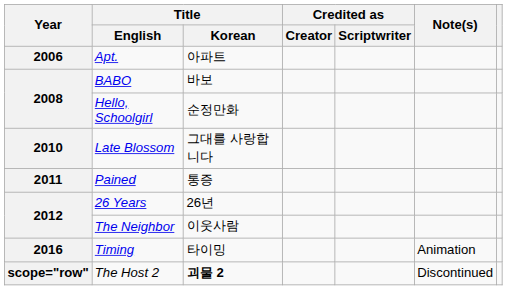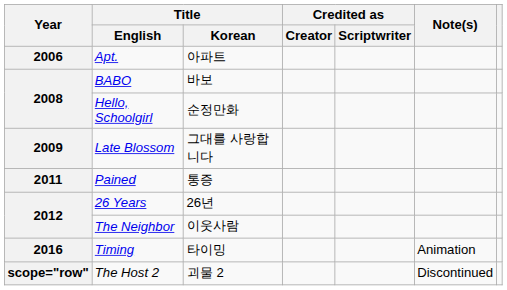 <table class="wikitable plainrowheaders sortable">
 <tr>
 <th scope="col" rowspan="2">Year</th>
 <th scope="col" colspan="2">Title</th>
 <th scope="col" colspan="2">Credited as</th>
 <th scope="col" rowspan="2" class="unsortable">Note(s)</th>
 <th scope="col" rowspan="2" class="unsortable"></th>
 </tr>
 <tr>
 <th>English</th>
 <th>Korean</th>
 <th>Creator</th>
 <th>Scriptwriter</th>
 </tr>
 <tr>
 <th scope="row">2006</th>
 <td><em><a href='#'>Apt.</a></em></td>
 <td>아파트</td>
 <td></td>
 <td></td>
 <td></td>
 <td></td>
 </tr>
 <tr>
 <th scope="row" rowspan="2">2008</th>
 <td><em><a href='#'>BABO</a></em></td>
 <td>바보</td>
 <td></td>
 <td></td>
 <td></td>
 <td></td>
 </tr>
 <tr>
 <td><em><a href='#'>Hello, Schoolgirl</a></em></td>
 <td>순정만화</td>
 <td></td>
 <td></td>
 <td></td>
 <td></td>
 </tr>
 <tr>
-<th scope="row">2010</th>
+<th scope="row">2009</th>
 <td><em><a href='#'>Late Blossom</a></em></td>
 <td>그대를 사랑합니다</td>
 <td></td>
 <td></td>
 <td></td>
 <td></td>
 </tr>
 <tr>
 <th scope="row">2011</th>
 <td><em><a href='#'>Pained</a></em></td>
 <td>통증</td>
 <td></td>
 <td></td>
 <td></td>
 <td></td>
 </tr>
 <tr>
 <th scope="row" rowspan="2">2012</th>
 <td><em><a href='#'>26 Years</a></em></td>
 <td>26년</td>
 <td></td>
 <td></td>
 <td></td>
 <td></td>
 </tr>
 <tr>
 <td><a href='#'><em>The Neighbor</em></a></td>
 <td>이웃사람</td>
 <td></td>
 <td></td>
 <td></td>
 <td></td>
 </tr>
 <tr>
 <th scope="row">2016</th>
 <td><em><a href='#'>Timing</a></em></td>
 <td>타이밍</td>
 <td></td>
 <td></td>
 <td>Animation</td>
 <td></td>
 </tr>
 <tr>
 <th>scope="row" </th>
 <td><em>The Host 2</em></td>
-<td><strong>괴물 2</strong></td>
+<td>괴물 2</td>
 <td></td>
 <td></td>
 <td>Discontinued</td>
 <td></td>
 </tr>
 </table>
